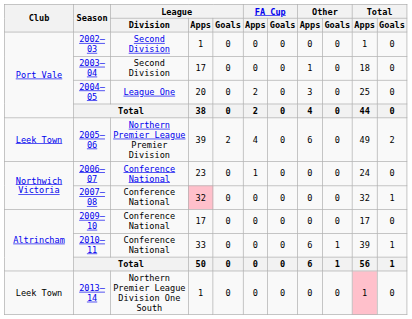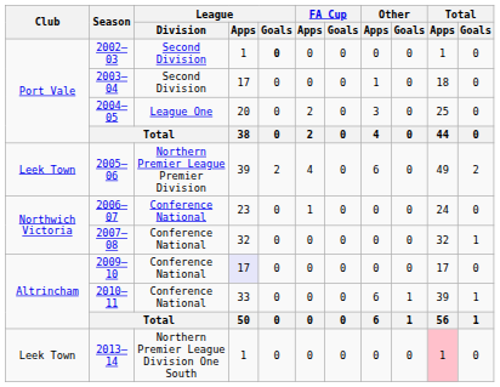 <table class="wikitable" style="text-align:center">
 <tr>
 <th rowspan="2">Club</th>
 <th rowspan="2">Season</th>
 <th colspan="3">League</th>
 <th colspan="2"><a href='#'>FA Cup</a></th>
 <th colspan="2">Other</th>
 <th colspan="2">Total</th>
 </tr>
 <tr>
 <th>Division</th>
 <th>Apps</th>
 <th>Goals</th>
 <th>Apps</th>
 <th>Goals</th>
 <th>Apps</th>
 <th>Goals</th>
 <th>Apps</th>
 <th>Goals</th>
 </tr>
 <tr>
 <td rowspan="4"><a href='#'>Port Vale</a></td>
 <td><a href='#'>2002–03</a></td>
 <td><a href='#'>Second Division</a></td>
 <td>1</td>
-<td>0</td>
+<td><strong>0</strong></td>
 <td>0</td>
 <td>0</td>
 <td>0</td>
 <td>0</td>
 <td>1</td>
 <td>0</td>
 </tr>
 <tr>
 <td><a href='#'>2003–04</a></td>
 <td>Second Division</td>
 <td>17</td>
 <td>0</td>
 <td>0</td>
 <td>0</td>
 <td>1</td>
 <td>0</td>
 <td>18</td>
 <td>0</td>
 </tr>
 <tr>
 <td><a href='#'>2004–05</a></td>
 <td><a href='#'>League One</a></td>
 <td>20</td>
 <td>0</td>
 <td>2</td>
 <td>0</td>
 <td>3</td>
 <td>0</td>
 <td>25</td>
 <td>0</td>
 </tr>
 <tr>
 <th colspan="2">Total</th>
 <th>38</th>
 <th>0</th>
 <th>2</th>
 <th>0</th>
 <th>4</th>
 <th>0</th>
 <th>44</th>
 <th>0</th>
 </tr>
 <tr>
 <td><a href='#'>Leek Town</a></td>
 <td><a href='#'>2005–06</a></td>
 <td><a href='#'>Northern Premier League</a><br>Premier Division</td>
 <td>39</td>
 <td>2</td>
 <td>4</td>
 <td>0</td>
 <td>6</td>
 <td>0</td>
 <td>49</td>
 <td>2</td>
 </tr>
 <tr>
 <td rowspan="2"><a href='#'>Northwich Victoria</a></td>
 <td><a href='#'>2006–07</a></td>
 <td><a href='#'>Conference National</a></td>
 <td>23</td>
 <td>0</td>
 <td>1</td>
 <td>0</td>
 <td>0</td>
 <td>0</td>
 <td>24</td>
 <td>0</td>
 </tr>
 <tr>
 <td><a href='#'>2007–08</a></td>
 <td>Conference National</td>
-<td style="background: pink;">32</td>
+<td>32</td>
 <td>0</td>
 <td>0</td>
 <td>0</td>
 <td>0</td>
 <td>0</td>
 <td>32</td>
 <td>1</td>
 </tr>
 <tr>
 <td rowspan="3"><a href='#'>Altrincham</a></td>
 <td><a href='#'>2009–10</a></td>
 <td>Conference National</td>
-<td>17</td>
+<td style="background: lavender;">17</td>
 <td>0</td>
 <td>0</td>
 <td>0</td>
 <td>0</td>
 <td>0</td>
 <td>17</td>
 <td>0</td>
 </tr>
 <tr>
 <td><a href='#'>2010–11</a></td>
 <td>Conference National</td>
 <td>33</td>
 <td>0</td>
 <td>0</td>
 <td>0</td>
 <td>6</td>
 <td>1</td>
 <td>39</td>
 <td>1</td>
 </tr>
 <tr>
 <th colspan="2">Total</th>
 <th>50</th>
 <th>0</th>
 <th>0</th>
 <th>0</th>
 <th>6</th>
 <th>1</th>
 <th>56</th>
 <th>1</th>
 </tr>
 <tr>
 <td>Leek Town</td>
 <td><a href='#'>2013–14</a></td>
 <td>Northern Premier League<br>Division One South</td>
 <td>1</td>
 <td>0</td>
 <td>0</td>
 <td>0</td>
 <td>0</td>
 <td>0</td>
 <td style="background: pink;">1</td>
 <td>0</td>
 </tr>
 </table>
